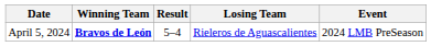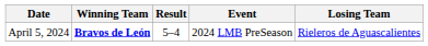 <table class="wikitable" align=center style="margin-left:15px; text-align:center; background:#ffffff;">
 <tr>
 <th style="text-align:center; ">Date</th>
 <th style="text-align:center; ">Winning Team</th>
 <th style="text-align:center; ">Result</th>
+<th style="text-align:center; ">Event</th>
 <th style="text-align:center; ">Losing Team</th>
-<th style="text-align:center; ">Event</th>
 </tr>
 <tr>
 <td>April 5, 2024</td>
 <td><strong><a href='#'>Bravos de León</a></strong></td>
 <td>5–4</td>
+<td>2024 <a href='#'>LMB</a> PreSeason</td>
 <td><a href='#'>Rieleros de Aguascalientes</a></td>
-<td>2024 <a href='#'>LMB</a> PreSeason</td>
 </tr>
 </table>
